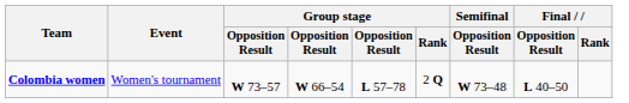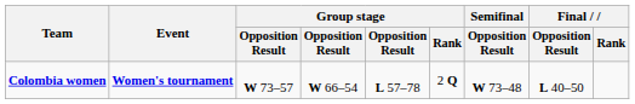 <table class=wikitable style=font-size:90%;text-align:center>
 <tr>
 <th rowspan=2>Team</th>
 <th rowspan=2>Event</th>
 <th colspan=4>Group stage</th>
 <th>Semifinal</th>
 <th colspan=2>Final /  / </th>
 </tr>
 <tr style=font-size:95%>
 <th>Opposition<br>Result</th>
 <th>Opposition<br>Result</th>
 <th>Opposition<br>Result</th>
 <th>Rank</th>
 <th>Opposition<br>Result</th>
 <th>Opposition<br>Result</th>
 <th>Rank</th>
 </tr>
 <tr>
 <td align=left><strong><a href='#'>Colombia women</a></strong></td>
-<td align=left><a href='#'>Women's tournament</a></td>
+<td align=left><strong><a href='#'>Women's tournament</a></strong></td>
 <td><br><strong>W</strong> 73–57</td>
 <td><br><strong>W</strong> 66–54</td>
 <td><br><strong>L</strong> 57–78</td>
 <td>2 <strong>Q</strong></td>
 <td><br><strong>W</strong> 73–48</td>
 <td><br><strong>L</strong> 40–50</td>
 <td></td>
 </tr>
 </table>
